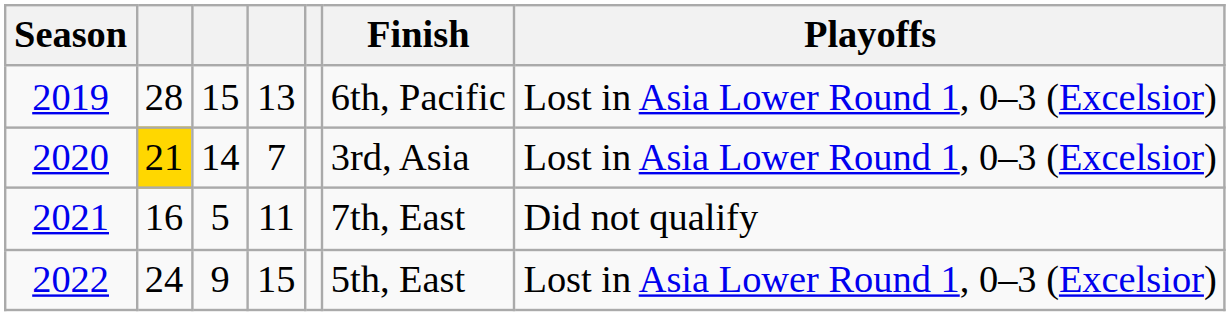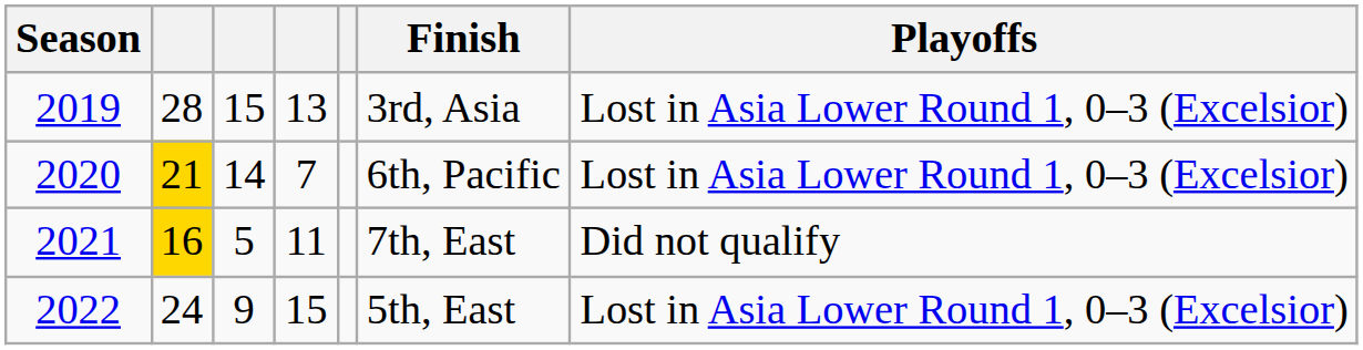 <table class="wikitable" style="text-align:center;">
 <tr>
 <th style="background:#">Season</th>
 <th style="background:#"></th>
 <th style="background:#"></th>
 <th style="background:#"></th>
 <th style="background:#"></th>
 <th style="background:#">Finish</th>
 <th style="background:#">Playoffs</th>
 </tr>
 <tr>
 <td><a href='#'>2019</a></td>
 <td>28</td>
 <td>15</td>
 <td>13</td>
 <td></td>
-<td style="text-align:left">6th, Pacific</td>
+<td style="text-align:left">3rd, Asia</td>
 <td style="text-align:left">Lost in <a href='#'>Asia Lower Round 1</a>, 0–3 (<a href='#'>Excelsior</a>)</td>
 </tr>
 <tr>
 <td><a href='#'>2020</a></td>
 <td style="background: gold;">21</td>
 <td>14</td>
 <td>7</td>
 <td></td>
-<td style="text-align:left">3rd, Asia</td>
+<td style="text-align:left">6th, Pacific</td>
 <td style="text-align:left">Lost in <a href='#'>Asia Lower Round 1</a>, 0–3 (<a href='#'>Excelsior</a>)</td>
 </tr>
 <tr>
 <td><a href='#'>2021</a></td>
-<td>16</td>
+<td style="background: gold;">16</td>
 <td>5</td>
 <td>11</td>
 <td></td>
 <td style="text-align:left">7th, East</td>
 <td style="text-align:left">Did not qualify</td>
 </tr>
 <tr>
 <td><a href='#'>2022</a></td>
 <td>24</td>
 <td>9</td>
 <td>15</td>
 <td></td>
 <td style="text-align:left">5th, East</td>
 <td style="text-align:left">Lost in <a href='#'>Asia Lower Round 1</a>, 0–3 (<a href='#'>Excelsior</a>)</td>
 </tr>
 </table>
